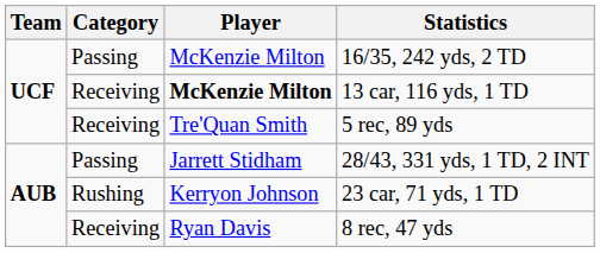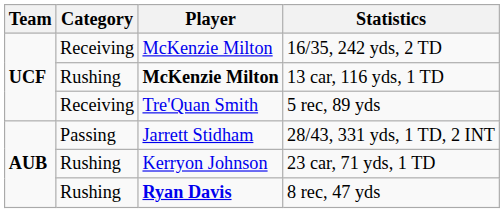 <table class="wikitable">
 <tr>
 <th>Team</th>
 <th>Category</th>
 <th>Player</th>
 <th>Statistics</th>
 </tr>
 <tr>
 <td rowspan=3><strong>UCF</strong></td>
-<td>Passing</td>
+<td>Receiving</td>
 <td><a href='#'>McKenzie Milton</a></td>
 <td>16/35, 242 yds, 2 TD</td>
 </tr>
 <tr>
-<td>Receiving</td>
+<td>Rushing</td>
 <td><strong>McKenzie Milton</strong></td>
 <td>13 car, 116 yds, 1 TD</td>
 </tr>
 <tr>
 <td>Receiving</td>
 <td><a href='#'>Tre'Quan Smith</a></td>
 <td>5 rec, 89 yds</td>
 </tr>
 <tr>
 <td rowspan=3><strong>AUB</strong></td>
 <td>Passing</td>
 <td><a href='#'>Jarrett Stidham</a></td>
 <td>28/43, 331 yds, 1 TD, 2 INT</td>
 </tr>
 <tr>
 <td>Rushing</td>
 <td><a href='#'>Kerryon Johnson</a></td>
 <td>23 car, 71 yds, 1 TD</td>
 </tr>
 <tr>
-<td>Receiving</td>
-<td><a href='#'>Ryan Davis</a></td>
+<td>Rushing</td>
+<td><strong><a href='#'>Ryan Davis</a></strong></td>
 <td>8 rec, 47 yds</td>
 </tr>
 </table>
